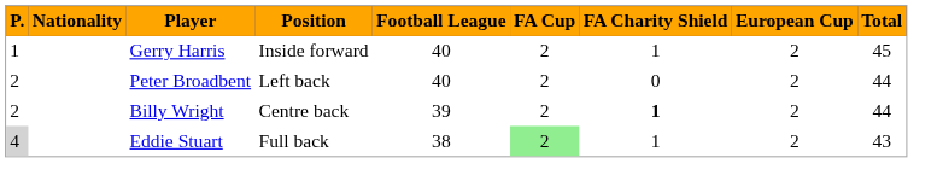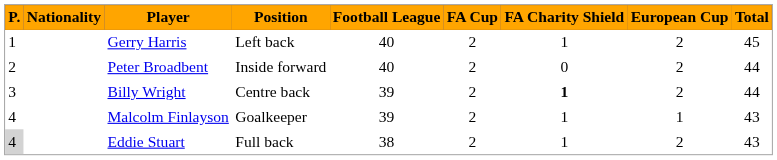 <table cellspacing="0" cellpadding="3" style="border:1px solid #AAAAAA;font-size:90%">
 <tr bgcolor="#191970">
 <th style=background:orange; align="center"><span>P.</span></th>
 <th style=background:orange; align="center"><span>Nationality</span></th>
 <th style=background:orange; align="center"><span>Player</span></th>
 <th style=background:orange; align="center"><span>Position</span></th>
 <th style=background:orange; align="center"><span>Football League</span></th>
 <th style=background:orange; align="center"><span>FA Cup</span></th>
 <th style=background:orange; align="center"><span>FA Charity Shield</span></th>
 <th style=background:orange; align="center"><span>European Cup</span></th>
 <th style=background:orange; align="center"><span>Total</span></th>
 </tr>
 <tr>
 <td>1</td>
 <td></td>
 <td><a href='#'>Gerry Harris</a></td>
-<td>Inside forward</td>
+<td>Left back</td>
 <td align="center">40</td>
 <td align="center">2</td>
 <td align="center">1</td>
 <td align="center">2</td>
 <td align="center">45</td>
 </tr>
 <tr>
 <td>2</td>
 <td></td>
 <td><a href='#'>Peter Broadbent</a></td>
-<td>Left back</td>
+<td>Inside forward</td>
 <td align="center">40</td>
 <td align="center">2</td>
 <td align="center">0</td>
 <td align="center">2</td>
 <td align="center">44</td>
 </tr>
 <tr>
-<td>2</td>
+<td>3</td>
 <td></td>
 <td><a href='#'>Billy Wright</a></td>
 <td>Centre back</td>
 <td align="center">39</td>
 <td align="center">2</td>
 <td align="center"><strong>1</strong></td>
 <td align="center">2</td>
 <td align="center">44</td>
 </tr>
 <tr>
+<td>4</td>
+<td></td>
+<td><a href='#'>Malcolm Finlayson</a></td>
+<td>Goalkeeper</td>
+<td align="center">39</td>
+<td align="center">2</td>
+<td align="center">1</td>
+<td align="center">1</td>
+<td align="center">43</td>
+</tr>
+<tr>
 <td style="background: lightgrey;">4</td>
 <td></td>
 <td><a href='#'>Eddie Stuart</a></td>
 <td>Full back</td>
 <td align="center">38</td>
-<td align="center" style="background: lightgreen;">2</td>
+<td align="center">2</td>
 <td align="center">1</td>
 <td align="center">2</td>
 <td align="center">43</td>
 </tr>
 <tr>
 </tr>
 </table>
